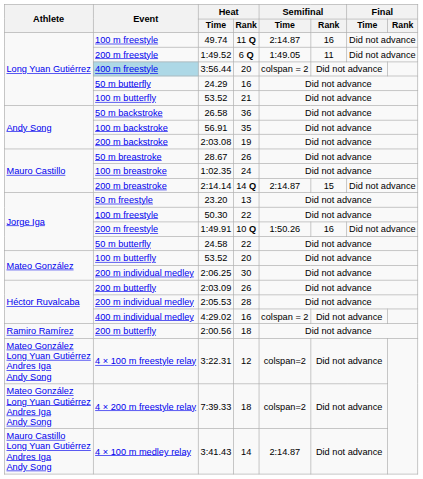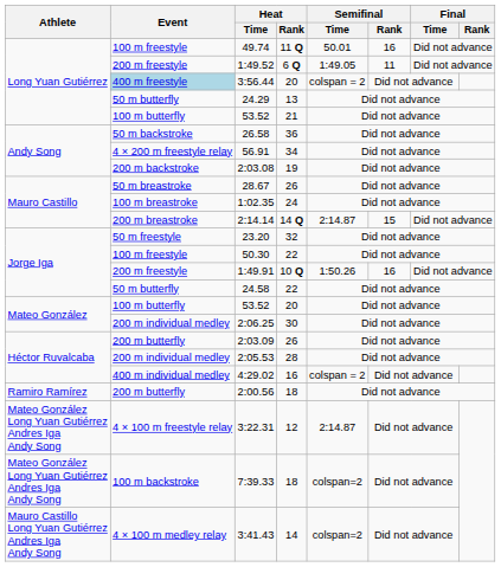 <table class=wikitable style="font-size:90%">
 <tr>
 <th rowspan="2">Athlete</th>
 <th rowspan="2">Event</th>
 <th colspan="2">Heat</th>
 <th colspan="2">Semifinal</th>
 <th colspan="2">Final</th>
 </tr>
 <tr style="font-size:95%">
 <th>Time</th>
 <th>Rank</th>
 <th>Time</th>
 <th>Rank</th>
 <th>Time</th>
 <th>Rank</th>
 </tr>
 <tr align=center>
 <td align=left rowspan = 5><a href='#'>Long Yuan Gutiérrez</a></td>
 <td align=left><a href='#'>100 m freestyle</a></td>
 <td>49.74</td>
 <td>11 <strong>Q</strong></td>
-<td>2:14.87</td>
+<td>50.01</td>
 <td>16</td>
 <td colspan = 2>Did not advance</td>
 </tr>
 <tr align=center>
 <td align=left><a href='#'>200 m freestyle</a></td>
 <td>1:49.52</td>
 <td>6 <strong>Q</strong></td>
 <td>1:49.05</td>
 <td>11</td>
 <td colspan=2>Did not advance</td>
 </tr>
 <tr align=center>
 <td align=left style="background: lightblue;"><a href='#'>400 m freestyle</a></td>
 <td>3:56.44</td>
 <td>20</td>
 <td>colspan = 2 </td>
 <td colspan = 2>Did not advance</td>
 </tr>
 <tr align=center>
 <td align=left><a href='#'>50 m butterfly</a></td>
 <td>24.29</td>
-<td>16</td>
+<td>13</td>
 <td colspan = 4>Did not advance</td>
 </tr>
 <tr align=center>
 <td align=left><a href='#'>100 m butterfly</a></td>
 <td>53.52</td>
 <td>21</td>
 <td colspan = 4>Did not advance</td>
 </tr>
 <tr align=center>
 <td align=left rowspan = 3><a href='#'>Andy Song</a></td>
 <td align=left><a href='#'>50 m backstroke</a></td>
 <td>26.58</td>
 <td>36</td>
 <td colspan=4>Did not advance</td>
 </tr>
 <tr align=center>
-<td align=left><a href='#'>100 m backstroke</a></td>
+<td align=left><a href='#'>4 × 200 m freestyle relay</a></td>
 <td>56.91</td>
-<td>35</td>
+<td>34</td>
 <td colspan = 4>Did not advance</td>
 </tr>
 <tr align=center>
 <td align=left><a href='#'>200 m backstroke</a></td>
 <td>2:03.08</td>
 <td>19</td>
 <td colspan = 4>Did not advance</td>
 </tr>
 <tr align=center>
 <td align=left rowspan = 3><a href='#'>Mauro Castillo</a></td>
 <td align=left><a href='#'>50 m breastroke</a></td>
 <td>28.67</td>
 <td>26</td>
 <td colspan = 4>Did not advance</td>
 </tr>
 <tr align=center>
 <td align=left><a href='#'>100 m breastroke</a></td>
 <td>1:02.35</td>
 <td>24</td>
 <td colspan = 4>Did not advance</td>
 </tr>
 <tr align=center>
 <td align=left><a href='#'>200 m breastroke</a></td>
 <td>2:14.14</td>
 <td>14 <strong>Q</strong></td>
 <td>2:14.87</td>
 <td>15</td>
 <td colspan = 2>Did not advance</td>
 </tr>
 <tr align=center>
 <td align=left rowspan = 4><a href='#'>Jorge Iga</a></td>
 <td align=left><a href='#'>50 m freestyle</a></td>
 <td>23.20</td>
-<td>13</td>
+<td>32</td>
 <td colspan = 4>Did not advance</td>
 </tr>
 <tr align=center>
 <td align=left><a href='#'>100 m freestyle</a></td>
 <td>50.30</td>
 <td>22</td>
 <td colspan = 4>Did not advance</td>
 </tr>
 <tr align=center>
 <td align=left><a href='#'>200 m freestyle</a></td>
 <td>1:49.91</td>
 <td>10 <strong>Q</strong></td>
 <td>1:50.26</td>
 <td>16</td>
 <td colspan=2>Did not advance</td>
 </tr>
 <tr align=center>
 <td align=left><a href='#'>50 m butterfly</a></td>
 <td>24.58</td>
 <td>22</td>
 <td colspan = 4>Did not advance</td>
 </tr>
 <tr align=center>
 <td align=left rowspan = 2><a href='#'>Mateo González</a></td>
 <td align=left><a href='#'>100 m butterfly</a></td>
 <td>53.52</td>
 <td>20</td>
 <td colspan = 4>Did not advance</td>
 </tr>
 <tr align=center>
 <td align=left><a href='#'>200 m individual medley</a></td>
 <td>2:06.25</td>
 <td>30</td>
 <td colspan = 4>Did not advance</td>
 </tr>
 <tr align=center>
 <td align=left rowspan = 3><a href='#'>Héctor Ruvalcaba</a></td>
 <td align=left><a href='#'>200 m butterfly</a></td>
 <td>2:03.09</td>
 <td>26</td>
 <td colspan=4>Did not advance</td>
 </tr>
 <tr align=center>
 <td align=left><a href='#'>200 m individual medley</a></td>
 <td>2:05.53</td>
 <td>28</td>
 <td colspan = 4>Did not advance</td>
 </tr>
 <tr align=center>
 <td align=left><a href='#'>400 m individual medley</a></td>
 <td>4:29.02</td>
 <td>16</td>
 <td>colspan = 2 </td>
 <td colspan = 2>Did not advance</td>
 </tr>
 <tr align=center>
 <td align=left><a href='#'>Ramiro Ramírez</a></td>
 <td align=left><a href='#'>200 m butterfly</a></td>
 <td>2:00.56</td>
 <td>18</td>
 <td colspan=4>Did not advance</td>
 </tr>
 <tr align=center>
 <td align=left><a href='#'>Mateo González</a><br><a href='#'>Long Yuan Gutiérrez</a><br><a href='#'>Andres Iga</a><br><a href='#'>Andy Song</a></td>
 <td align=left><a href='#'>4 × 100 m freestyle relay</a></td>
 <td>3:22.31</td>
 <td>12</td>
-<td>colspan=2 </td>
+<td>2:14.87</td>
 <td colspan = 2>Did not advance</td>
 </tr>
 <tr align=center>
 <td align=left><a href='#'>Mateo González</a><br><a href='#'>Long Yuan Gutiérrez</a><br><a href='#'>Andres Iga</a><br><a href='#'>Andy Song</a></td>
-<td align=left><a href='#'>4 × 200 m freestyle relay</a></td>
+<td align=left><a href='#'>100 m backstroke</a></td>
 <td>7:39.33</td>
 <td>18</td>
 <td>colspan=2 </td>
 <td colspan = 2>Did not advance</td>
 </tr>
 <tr align=center>
 <td align=left><a href='#'>Mauro Castillo</a><br><a href='#'>Long Yuan Gutiérrez</a><br><a href='#'>Andres Iga</a><br><a href='#'>Andy Song</a></td>
 <td align=left><a href='#'>4 × 100 m medley relay</a></td>
 <td>3:41.43</td>
 <td>14</td>
-<td>2:14.87</td>
+<td>colspan=2 </td>
 <td colspan = 2>Did not advance</td>
 </tr>
 </table>
